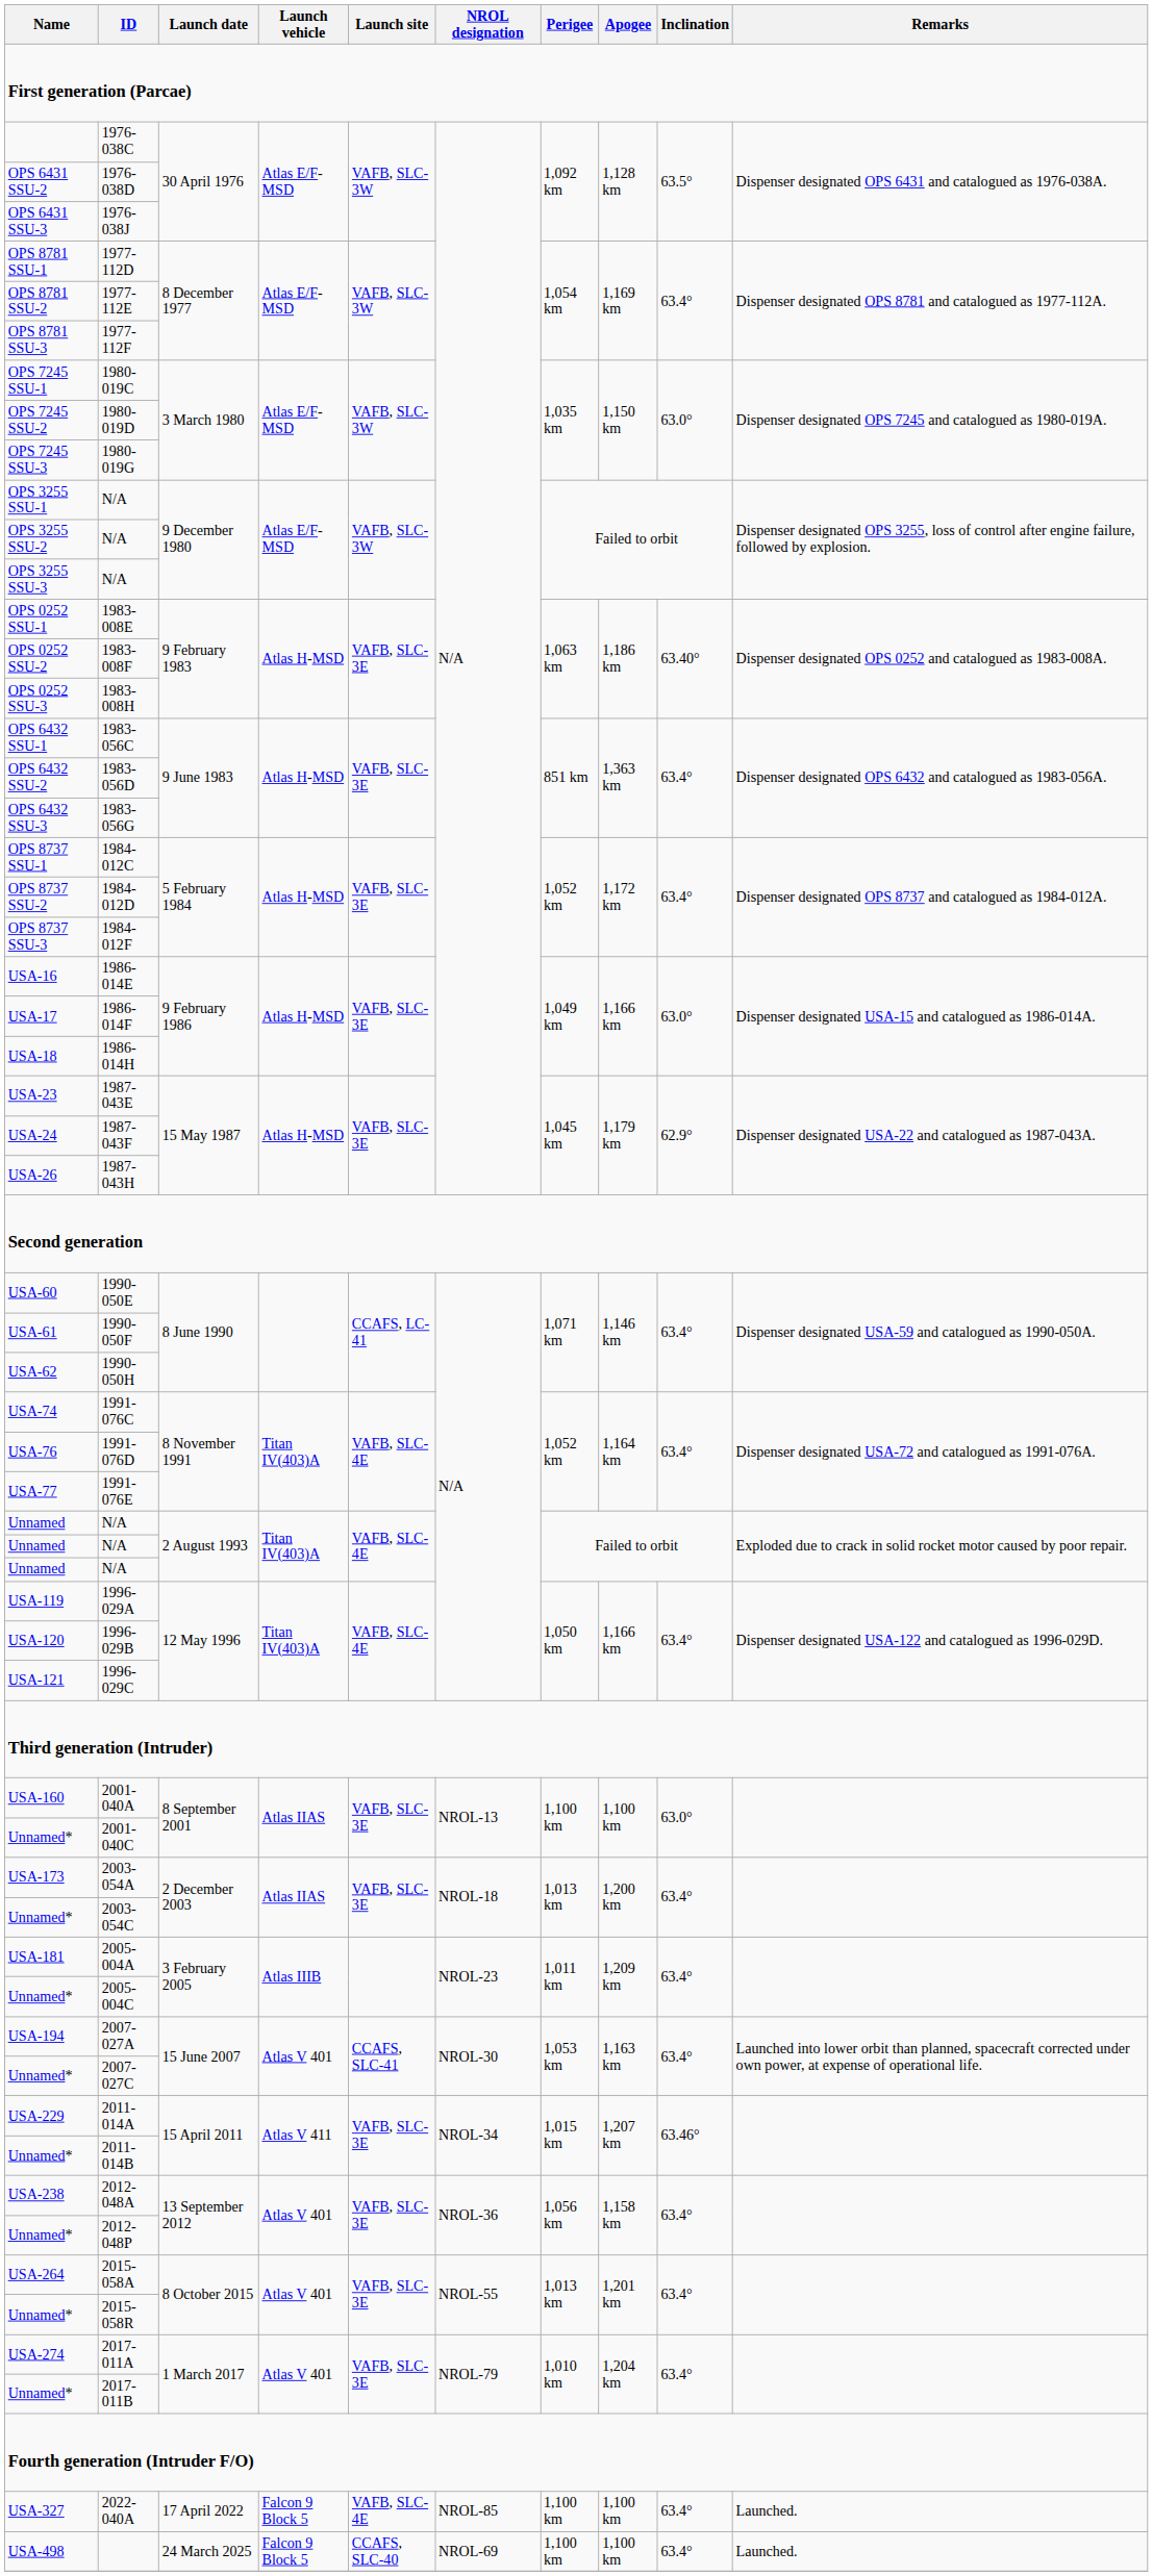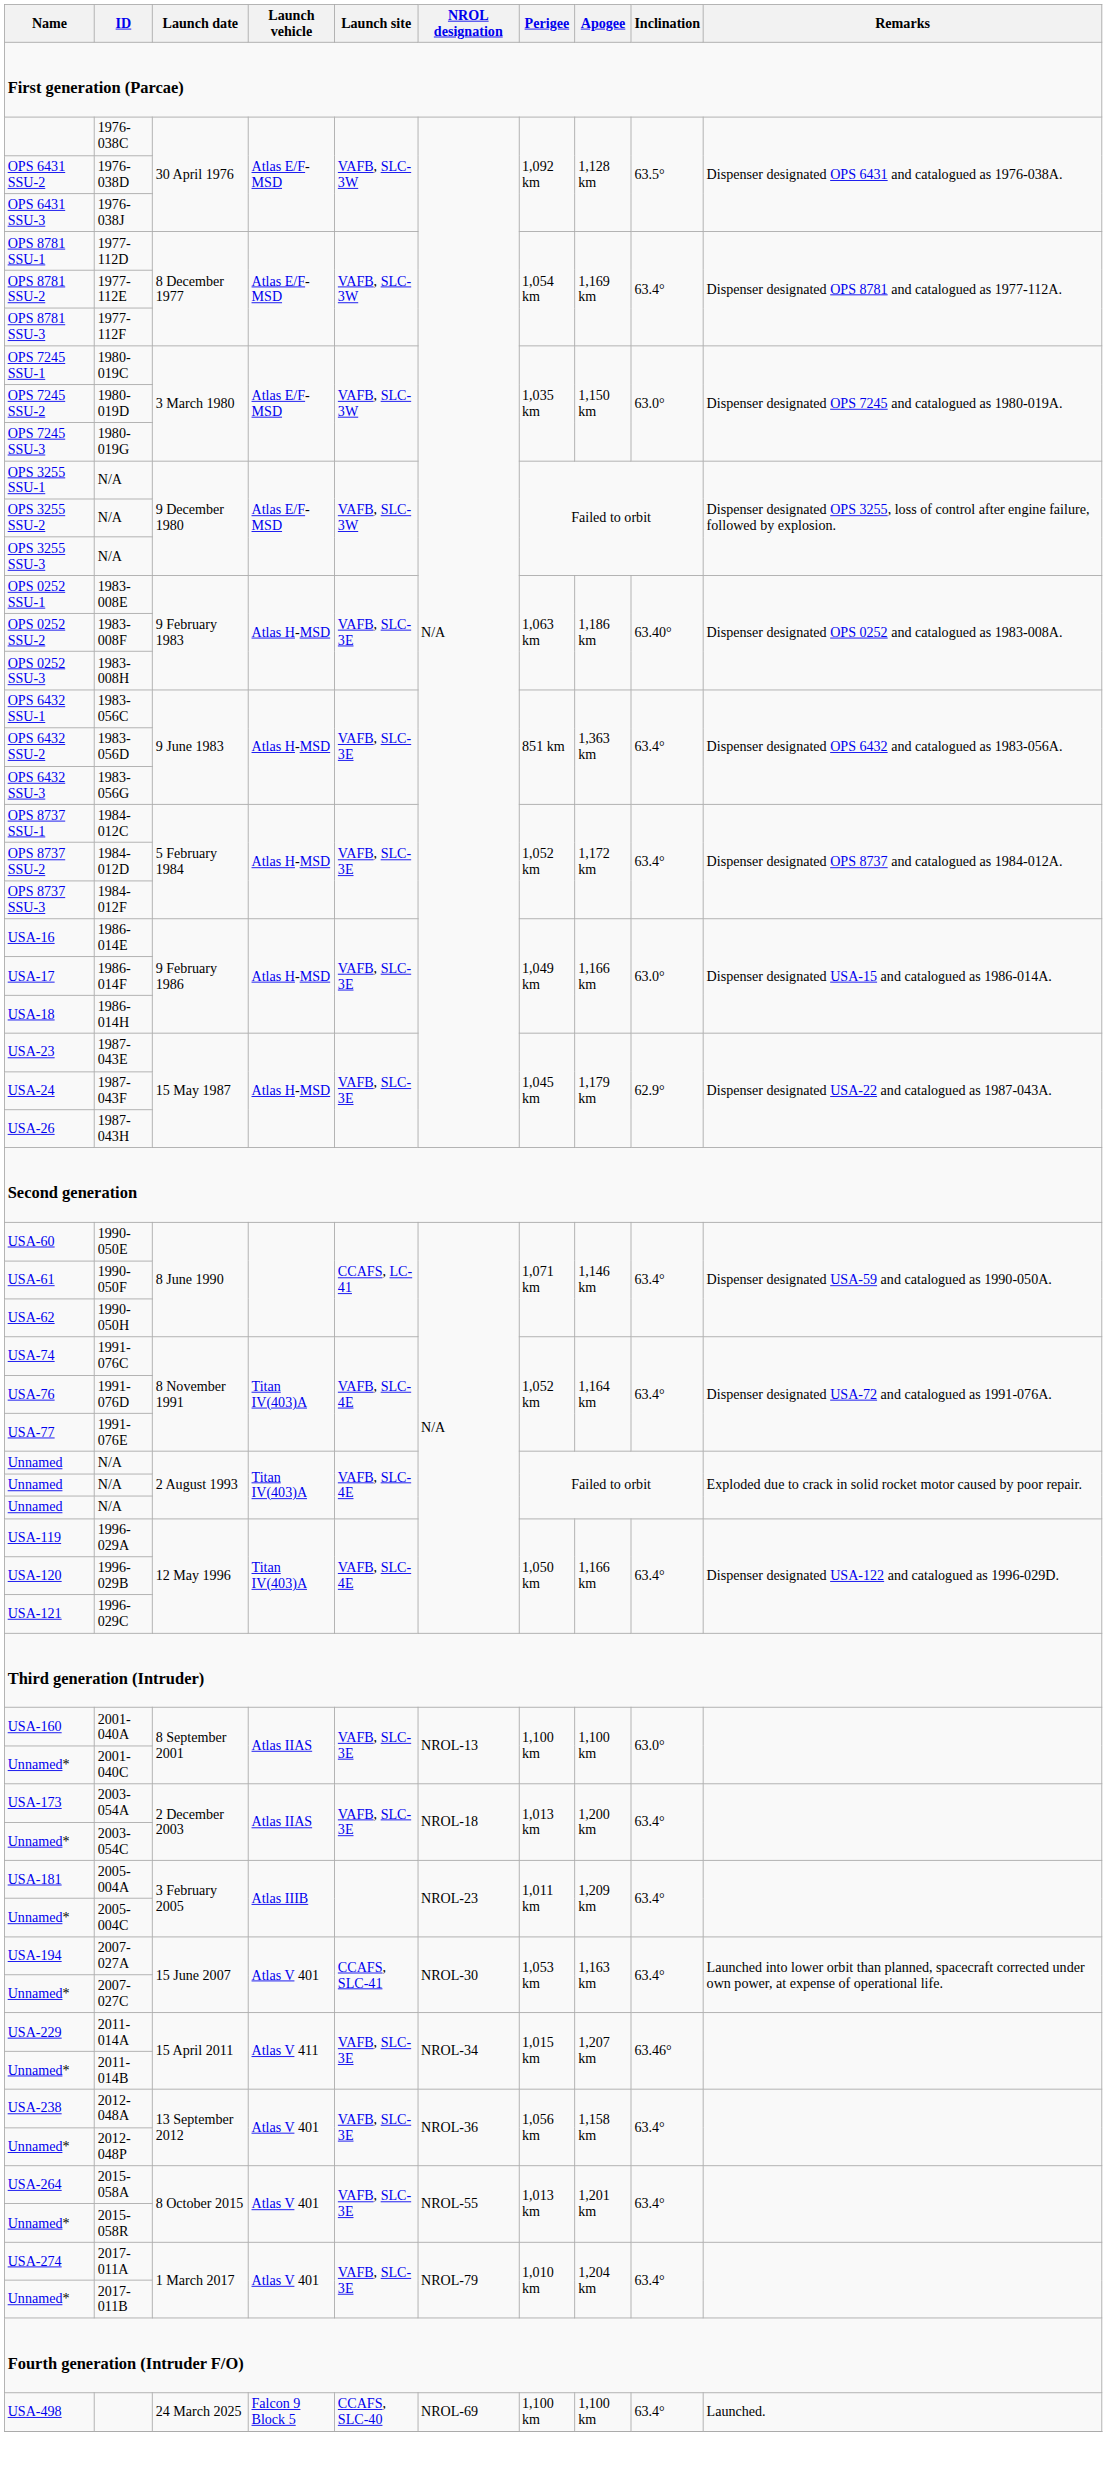 <table class="wikitable sortable">
 <tr>
 <th>Name</th>
 <th><a href='#'>ID</a></th>
 <th>Launch date</th>
 <th>Launch vehicle</th>
 <th>Launch site</th>
 <th><a href='#'>NROL designation</a></th>
 <th><a href='#'>Perigee</a></th>
 <th><a href='#'>Apogee</a></th>
 <th>Inclination</th>
 <th>Remarks</th>
 </tr>
 <tr>
 <td colspan=10><br><h3>First generation (Parcae)</h3></td>
 </tr>
 <tr>
 <td></td>
 <td>1976-038C</td>
 <td rowspan=3>30 April 1976</td>
 <td rowspan=3><a href='#'>Atlas E/F</a>-<a href='#'>MSD</a></td>
 <td rowspan=3><a href='#'>VAFB</a>, <a href='#'>SLC-3W</a></td>
 <td rowspan=27>N/A</td>
 <td rowspan=3>1,092 km</td>
 <td rowspan=3>1,128 km</td>
 <td rowspan=3>63.5°</td>
 <td rowspan=3>Dispenser designated <a href='#'>OPS 6431</a> and catalogued as 1976-038A.</td>
 </tr>
 <tr>
 <td><a href='#'>OPS 6431 SSU-2</a></td>
 <td>1976-038D</td>
 </tr>
 <tr>
 <td><a href='#'>OPS 6431 SSU-3</a></td>
 <td>1976-038J</td>
 </tr>
 <tr>
 <td><a href='#'>OPS 8781 SSU-1</a></td>
 <td>1977-112D</td>
 <td rowspan=3>8 December 1977</td>
 <td rowspan=3><a href='#'>Atlas E/F</a>-<a href='#'>MSD</a></td>
 <td rowspan=3><a href='#'>VAFB</a>, <a href='#'>SLC-3W</a></td>
 <td rowspan=3>1,054 km</td>
 <td rowspan=3>1,169 km</td>
 <td rowspan=3>63.4°</td>
 <td rowspan=3>Dispenser designated <a href='#'>OPS 8781</a> and catalogued as 1977-112A.</td>
 </tr>
 <tr>
 <td><a href='#'>OPS 8781 SSU-2</a></td>
 <td>1977-112E</td>
 </tr>
 <tr>
 <td><a href='#'>OPS 8781 SSU-3</a></td>
 <td>1977-112F</td>
 </tr>
 <tr>
 <td><a href='#'>OPS 7245 SSU-1</a></td>
 <td>1980-019C</td>
 <td rowspan=3>3 March 1980</td>
 <td rowspan=3><a href='#'>Atlas E/F</a>-<a href='#'>MSD</a></td>
 <td rowspan=3><a href='#'>VAFB</a>, <a href='#'>SLC-3W</a></td>
 <td rowspan=3>1,035 km</td>
 <td rowspan=3>1,150 km</td>
 <td rowspan=3>63.0°</td>
 <td rowspan=3>Dispenser designated <a href='#'>OPS 7245</a> and catalogued as 1980-019A.</td>
 </tr>
 <tr>
 <td><a href='#'>OPS 7245 SSU-2</a></td>
 <td>1980-019D</td>
 </tr>
 <tr>
 <td><a href='#'>OPS 7245 SSU-3</a></td>
 <td>1980-019G</td>
 </tr>
 <tr>
 <td><a href='#'>OPS 3255 SSU-1</a></td>
 <td>N/A</td>
 <td rowspan=3>9 December 1980</td>
 <td rowspan=3><a href='#'>Atlas E/F</a>-<a href='#'>MSD</a></td>
 <td rowspan=3><a href='#'>VAFB</a>, <a href='#'>SLC-3W</a></td>
 <td rowspan=3 colspan=3 align=center>Failed to orbit</td>
 <td rowspan=3>Dispenser designated <a href='#'>OPS 3255</a>, loss of control after engine failure, followed by explosion.</td>
 </tr>
 <tr>
 <td><a href='#'>OPS 3255 SSU-2</a></td>
 <td>N/A</td>
 </tr>
 <tr>
 <td><a href='#'>OPS 3255 SSU-3</a></td>
 <td>N/A</td>
 </tr>
 <tr>
 <td><a href='#'>OPS 0252 SSU-1</a></td>
 <td>1983-008E</td>
 <td rowspan=3>9 February 1983</td>
 <td rowspan=3><a href='#'>Atlas H</a>-<a href='#'>MSD</a></td>
 <td rowspan=3><a href='#'>VAFB</a>, <a href='#'>SLC-3E</a></td>
 <td rowspan=3>1,063 km</td>
 <td rowspan=3>1,186 km</td>
 <td rowspan=3>63.40°</td>
 <td rowspan=3>Dispenser designated <a href='#'>OPS 0252</a> and catalogued as 1983-008A.</td>
 </tr>
 <tr>
 <td><a href='#'>OPS 0252 SSU-2</a></td>
 <td>1983-008F</td>
 </tr>
 <tr>
 <td><a href='#'>OPS 0252 SSU-3</a></td>
 <td>1983-008H</td>
 </tr>
 <tr>
 <td><a href='#'>OPS 6432 SSU-1</a></td>
 <td>1983-056C</td>
 <td rowspan=3>9 June 1983</td>
 <td rowspan=3><a href='#'>Atlas H</a>-<a href='#'>MSD</a></td>
 <td rowspan=3><a href='#'>VAFB</a>, <a href='#'>SLC-3E</a></td>
 <td rowspan=3>851 km</td>
 <td rowspan=3>1,363 km</td>
 <td rowspan=3>63.4°</td>
 <td rowspan=3>Dispenser designated <a href='#'>OPS 6432</a> and catalogued as 1983-056A.</td>
 </tr>
 <tr>
 <td><a href='#'>OPS 6432 SSU-2</a></td>
 <td>1983-056D</td>
 </tr>
 <tr>
 <td><a href='#'>OPS 6432 SSU-3</a></td>
 <td>1983-056G</td>
 </tr>
 <tr>
 <td><a href='#'>OPS 8737 SSU-1</a></td>
 <td>1984-012C</td>
 <td rowspan=3>5 February 1984</td>
 <td rowspan=3><a href='#'>Atlas H</a>-<a href='#'>MSD</a></td>
 <td rowspan=3><a href='#'>VAFB</a>, <a href='#'>SLC-3E</a></td>
 <td rowspan=3>1,052 km</td>
 <td rowspan=3>1,172 km</td>
 <td rowspan=3>63.4°</td>
 <td rowspan=3>Dispenser designated <a href='#'>OPS 8737</a> and catalogued as 1984-012A.</td>
 </tr>
 <tr>
 <td><a href='#'>OPS 8737 SSU-2</a></td>
 <td>1984-012D</td>
 </tr>
 <tr>
 <td><a href='#'>OPS 8737 SSU-3</a></td>
 <td>1984-012F</td>
 </tr>
 <tr>
 <td><a href='#'>USA-16</a></td>
 <td>1986-014E</td>
 <td rowspan=3>9 February 1986</td>
 <td rowspan=3><a href='#'>Atlas H</a>-<a href='#'>MSD</a></td>
 <td rowspan=3><a href='#'>VAFB</a>, <a href='#'>SLC-3E</a></td>
 <td rowspan=3>1,049 km</td>
 <td rowspan=3>1,166 km</td>
 <td rowspan=3>63.0°</td>
 <td rowspan=3>Dispenser designated <a href='#'>USA-15</a> and catalogued as 1986-014A.</td>
 </tr>
 <tr>
 <td><a href='#'>USA-17</a></td>
 <td>1986-014F</td>
 </tr>
 <tr>
 <td><a href='#'>USA-18</a></td>
 <td>1986-014H</td>
 </tr>
 <tr>
 <td><a href='#'>USA-23</a></td>
 <td>1987-043E</td>
 <td rowspan=3>15 May 1987</td>
 <td rowspan=3><a href='#'>Atlas H</a>-<a href='#'>MSD</a></td>
 <td rowspan=3><a href='#'>VAFB</a>, <a href='#'>SLC-3E</a></td>
 <td rowspan=3>1,045 km</td>
 <td rowspan=3>1,179 km</td>
 <td rowspan=3>62.9°</td>
 <td rowspan=3>Dispenser designated <a href='#'>USA-22</a> and catalogued as 1987-043A.</td>
 </tr>
 <tr>
 <td><a href='#'>USA-24</a></td>
 <td>1987-043F</td>
 </tr>
 <tr>
 <td><a href='#'>USA-26</a></td>
 <td>1987-043H</td>
 </tr>
 <tr>
 <td colspan=10><br><h3>Second generation</h3></td>
 </tr>
 <tr>
 <td><a href='#'>USA-60</a></td>
 <td>1990-050E</td>
 <td rowspan=3>8 June 1990</td>
 <td rowspan=3></td>
 <td rowspan=3><a href='#'>CCAFS</a>, <a href='#'>LC-41</a></td>
 <td rowspan=12>N/A</td>
 <td rowspan=3>1,071 km</td>
 <td rowspan=3>1,146 km</td>
 <td rowspan=3>63.4°</td>
 <td rowspan=3>Dispenser designated <a href='#'>USA-59</a> and catalogued as 1990-050A.</td>
 </tr>
 <tr>
 <td><a href='#'>USA-61</a></td>
 <td>1990-050F</td>
 </tr>
 <tr>
 <td><a href='#'>USA-62</a></td>
 <td>1990-050H</td>
 </tr>
 <tr>
 <td><a href='#'>USA-74</a></td>
 <td>1991-076C</td>
 <td rowspan=3>8 November 1991</td>
 <td rowspan=3><a href='#'>Titan IV(403)A</a></td>
 <td rowspan=3><a href='#'>VAFB</a>, <a href='#'>SLC-4E</a></td>
 <td rowspan=3>1,052 km</td>
 <td rowspan=3>1,164 km</td>
 <td rowspan=3>63.4°</td>
 <td rowspan=3>Dispenser designated <a href='#'>USA-72</a> and catalogued as 1991-076A.</td>
 </tr>
 <tr>
 <td><a href='#'>USA-76</a></td>
 <td>1991-076D</td>
 </tr>
 <tr>
 <td><a href='#'>USA-77</a></td>
 <td>1991-076E</td>
 </tr>
 <tr>
 <td><a href='#'>Unnamed</a></td>
 <td>N/A</td>
 <td rowspan=3>2 August 1993</td>
 <td rowspan=3><a href='#'>Titan IV(403)A</a></td>
 <td rowspan=3><a href='#'>VAFB</a>, <a href='#'>SLC-4E</a></td>
 <td rowspan=3 colspan=3 align=center>Failed to orbit</td>
 <td rowspan=3>Exploded due to crack in solid rocket motor caused by poor repair.</td>
 </tr>
 <tr>
 <td><a href='#'>Unnamed</a></td>
 <td>N/A</td>
 </tr>
 <tr>
 <td><a href='#'>Unnamed</a></td>
 <td>N/A</td>
 </tr>
 <tr>
 <td><a href='#'>USA-119</a></td>
 <td>1996-029A</td>
 <td rowspan=3>12 May 1996</td>
 <td rowspan=3><a href='#'>Titan IV(403)A</a></td>
 <td rowspan=3><a href='#'>VAFB</a>, <a href='#'>SLC-4E</a></td>
 <td rowspan=3>1,050 km</td>
 <td rowspan=3>1,166 km</td>
 <td rowspan=3>63.4°</td>
 <td rowspan=3>Dispenser designated <a href='#'>USA-122</a> and catalogued as 1996-029D.</td>
 </tr>
 <tr>
 <td><a href='#'>USA-120</a></td>
 <td>1996-029B</td>
 </tr>
 <tr>
 <td><a href='#'>USA-121</a></td>
 <td>1996-029C</td>
 </tr>
 <tr>
 <td colspan=10><br><h3>Third generation (Intruder)</h3></td>
 </tr>
 <tr>
 <td><a href='#'>USA-160</a></td>
 <td>2001-040A</td>
 <td rowspan=2>8 September 2001</td>
 <td rowspan=2><a href='#'>Atlas IIAS</a></td>
 <td rowspan=2><a href='#'>VAFB</a>, <a href='#'>SLC-3E</a></td>
 <td rowspan=2>NROL-13</td>
 <td rowspan=2>1,100 km</td>
 <td rowspan=2>1,100 km</td>
 <td rowspan=2>63.0°</td>
 <td rowspan=2></td>
 </tr>
 <tr>
 <td><a href='#'>Unnamed</a>*</td>
 <td>2001-040C</td>
 </tr>
 <tr>
 <td><a href='#'>USA-173</a></td>
 <td>2003-054A</td>
 <td rowspan=2>2 December 2003</td>
 <td rowspan=2><a href='#'>Atlas IIAS</a></td>
 <td rowspan=2><a href='#'>VAFB</a>, <a href='#'>SLC-3E</a></td>
 <td rowspan=2>NROL-18</td>
 <td rowspan=2>1,013 km</td>
 <td rowspan=2>1,200 km</td>
 <td rowspan=2>63.4°</td>
 <td rowspan=2></td>
 </tr>
 <tr>
 <td><a href='#'>Unnamed</a>*</td>
 <td>2003-054C</td>
 </tr>
 <tr>
 <td><a href='#'>USA-181</a></td>
 <td>2005-004A</td>
 <td rowspan=2>3 February 2005</td>
 <td rowspan=2><a href='#'>Atlas IIIB</a></td>
 <td rowspan=2></td>
 <td rowspan=2>NROL-23</td>
 <td rowspan=2>1,011 km</td>
 <td rowspan=2>1,209 km</td>
 <td rowspan=2>63.4°</td>
 <td rowspan=2></td>
 </tr>
 <tr>
 <td><a href='#'>Unnamed</a>*</td>
 <td>2005-004C</td>
 </tr>
 <tr>
 <td><a href='#'>USA-194</a></td>
 <td>2007-027A</td>
 <td rowspan=2>15 June 2007</td>
 <td rowspan=2><a href='#'>Atlas V</a> 401</td>
 <td rowspan=2><a href='#'>CCAFS</a>, <a href='#'>SLC-41</a></td>
 <td rowspan=2>NROL-30</td>
 <td rowspan=2>1,053 km</td>
 <td rowspan=2>1,163 km</td>
 <td rowspan=2>63.4°</td>
 <td rowspan=2>Launched into lower orbit than planned, spacecraft corrected under own power, at expense of operational life.</td>
 </tr>
 <tr>
 <td><a href='#'>Unnamed</a>*</td>
 <td>2007-027C</td>
 </tr>
 <tr>
 <td><a href='#'>USA-229</a></td>
 <td>2011-014A</td>
 <td rowspan=2>15 April 2011</td>
 <td rowspan=2><a href='#'>Atlas V</a> 411</td>
 <td rowspan=2><a href='#'>VAFB</a>, <a href='#'>SLC-3E</a></td>
 <td rowspan=2>NROL-34</td>
 <td rowspan=2>1,015 km</td>
 <td rowspan=2>1,207 km</td>
 <td rowspan=2>63.46°</td>
 <td rowspan=2></td>
 </tr>
 <tr>
 <td><a href='#'>Unnamed</a>*</td>
 <td>2011-014B</td>
 </tr>
 <tr>
 <td><a href='#'>USA-238</a></td>
 <td>2012-048A</td>
 <td rowspan=2>13 September 2012</td>
 <td rowspan=2><a href='#'>Atlas V</a> 401</td>
 <td rowspan=2><a href='#'>VAFB</a>, <a href='#'>SLC-3E</a></td>
 <td rowspan=2>NROL-36</td>
 <td rowspan=2>1,056 km</td>
 <td rowspan=2>1,158 km</td>
 <td rowspan=2>63.4°</td>
 <td rowspan=2></td>
 </tr>
 <tr>
 <td><a href='#'>Unnamed</a>*</td>
 <td>2012-048P</td>
 </tr>
 <tr>
 <td><a href='#'>USA-264</a></td>
 <td>2015-058A</td>
 <td rowspan=2>8 October 2015</td>
 <td rowspan=2><a href='#'>Atlas V</a> 401</td>
 <td rowspan=2><a href='#'>VAFB</a>, <a href='#'>SLC-3E</a></td>
 <td rowspan=2>NROL-55</td>
 <td rowspan=2>1,013 km</td>
 <td rowspan=2>1,201 km</td>
 <td rowspan=2>63.4°</td>
 <td rowspan=2></td>
 </tr>
 <tr>
 <td><a href='#'>Unnamed</a>*</td>
 <td>2015-058R</td>
 </tr>
 <tr>
 <td><a href='#'>USA-274</a></td>
 <td>2017-011A</td>
 <td rowspan=2>1 March 2017</td>
 <td rowspan=2><a href='#'>Atlas V</a> 401</td>
 <td rowspan=2><a href='#'>VAFB</a>, <a href='#'>SLC-3E</a></td>
 <td rowspan=2>NROL-79</td>
 <td rowspan=2>1,010 km</td>
 <td rowspan=2>1,204 km</td>
 <td rowspan=2>63.4°</td>
 <td rowspan=2></td>
 </tr>
 <tr>
 <td><a href='#'>Unnamed</a>*</td>
 <td>2017-011B</td>
 </tr>
 <tr>
 <td colspan=10><br><h3>Fourth generation (Intruder F/O)</h3></td>
 </tr>
 <tr>
-<td><a href='#'>USA-327</a></td>
-<td>2022-040A</td>
-<td rowspan=1>17 April 2022</td>
-<td rowspan=1><a href='#'>Falcon 9 Block 5</a></td>
-<td rowspan=1><a href='#'>VAFB</a>, <a href='#'>SLC-4E</a></td>
-<td rowspan=1>NROL-85</td>
-<td rowspan=1>1,100 km</td>
-<td rowspan=1>1,100 km</td>
-<td rowspan=1>63.4°</td>
-<td rowspan=1>Launched.</td>
-</tr>
-<tr>
 <td><a href='#'>USA-498</a></td>
 <td></td>
 <td rowspan=1>24 March 2025</td>
 <td rowspan=1><a href='#'>Falcon 9 Block 5</a></td>
 <td rowspan=1><a href='#'>CCAFS</a>, <a href='#'>SLC-40</a></td>
 <td rowspan=1>NROL-69</td>
 <td rowspan=1>1,100 km</td>
 <td rowspan=1>1,100 km</td>
 <td rowspan=1>63.4°</td>
 <td rowspan=1>Launched.</td>
 </tr>
 <tr>
 </tr>
 <tr>
 </tr>
 </table>
